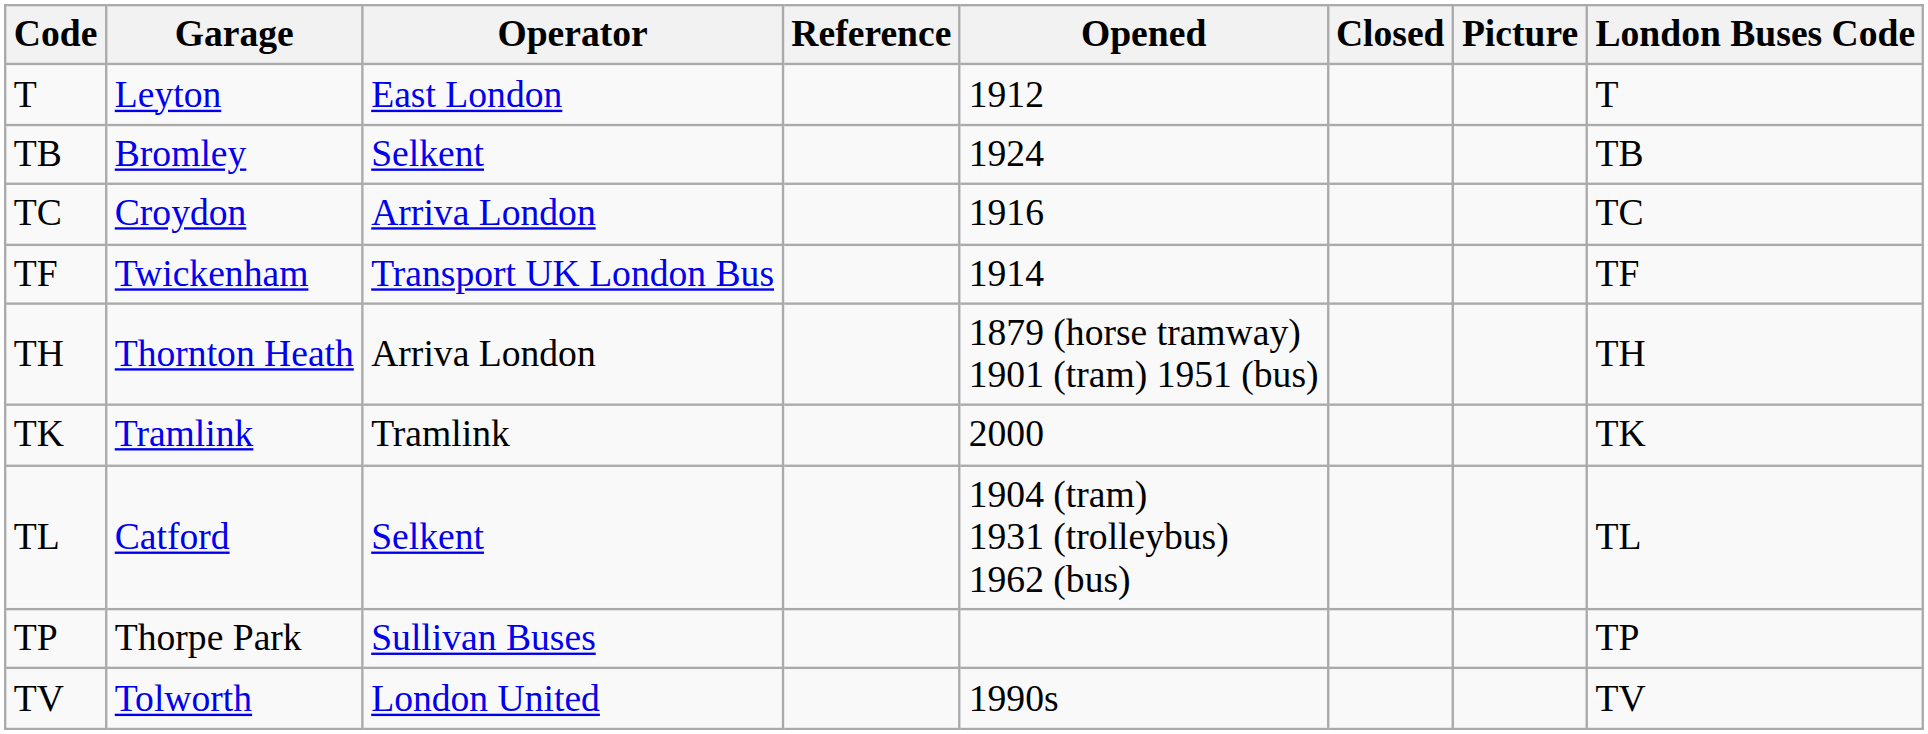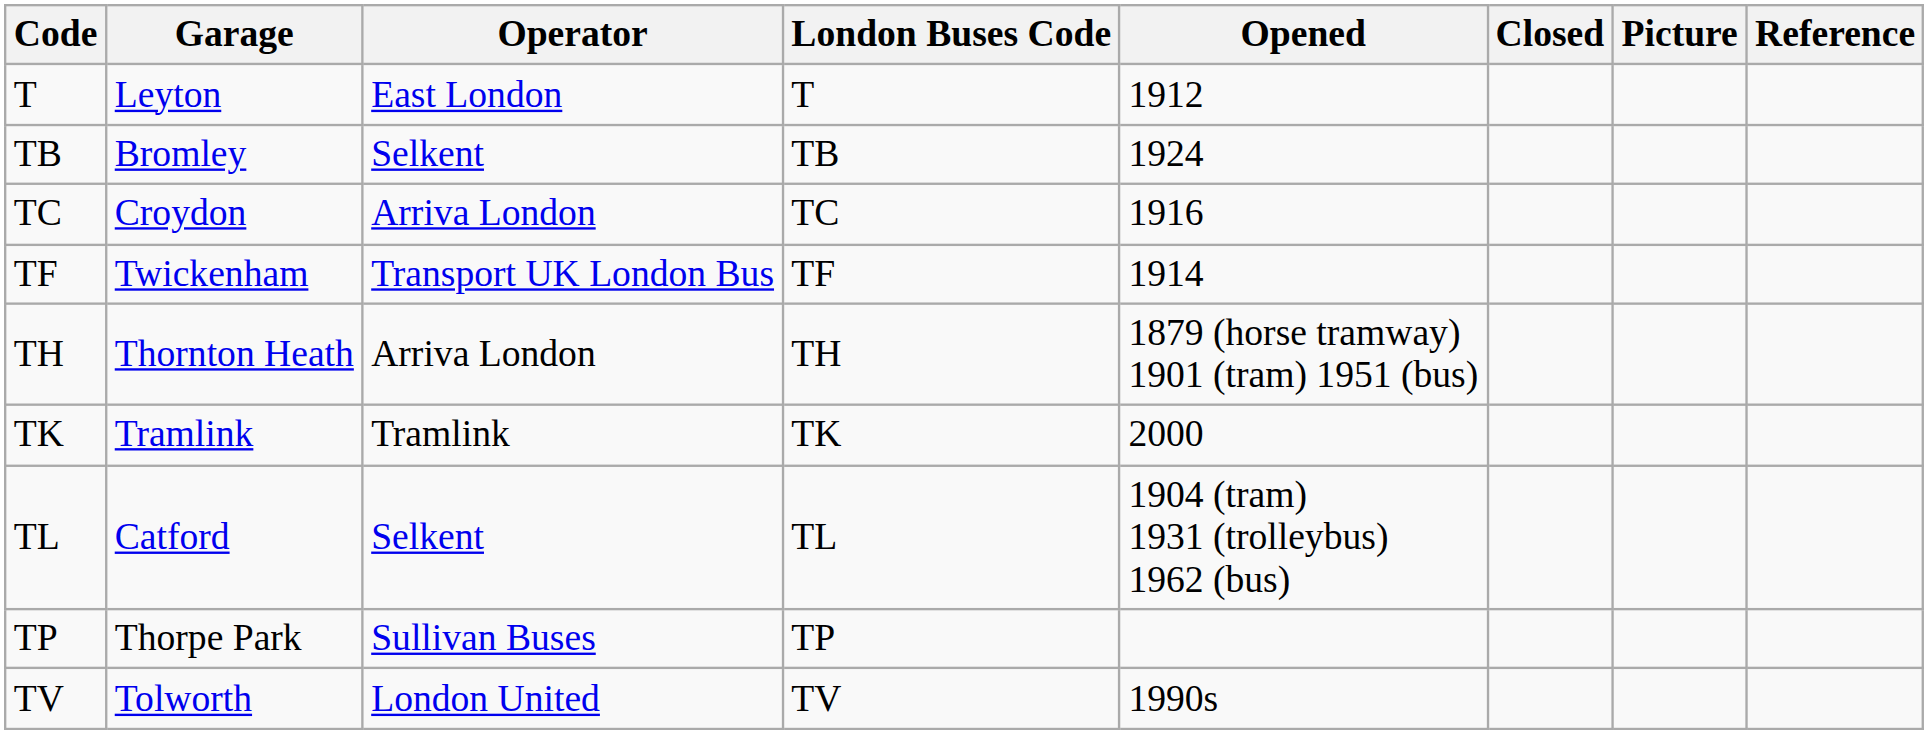 <table class="wikitable">
 <tr>
 <th>Code</th>
 <th>Garage</th>
 <th>Operator</th>
-<th>Reference</th>
+<th>London Buses Code</th>
 <th>Opened</th>
 <th>Closed</th>
 <th>Picture</th>
-<th>London Buses Code</th>
+<th>Reference</th>
 </tr>
 <tr>
 <td>T</td>
 <td><a href='#'>Leyton</a></td>
 <td><a href='#'>East London</a></td>
-<td></td>
+<td>T</td>
 <td>1912</td>
 <td></td>
 <td></td>
-<td>T</td>
+<td></td>
 </tr>
 <tr>
 <td>TB</td>
 <td><a href='#'>Bromley</a></td>
 <td><a href='#'>Selkent</a></td>
-<td></td>
+<td>TB</td>
 <td>1924</td>
 <td></td>
 <td></td>
-<td>TB</td>
+<td></td>
 </tr>
 <tr>
 <td>TC</td>
 <td><a href='#'>Croydon</a></td>
 <td><a href='#'>Arriva London</a></td>
-<td></td>
+<td>TC</td>
 <td>1916</td>
 <td></td>
 <td></td>
-<td>TC</td>
+<td></td>
 </tr>
 <tr>
 <td>TF</td>
 <td><a href='#'>Twickenham</a></td>
 <td><a href='#'>Transport UK London Bus</a></td>
-<td></td>
+<td>TF</td>
 <td>1914</td>
 <td></td>
 <td></td>
-<td>TF</td>
+<td></td>
 </tr>
 <tr>
 <td>TH</td>
 <td><a href='#'>Thornton Heath</a></td>
 <td>Arriva London</td>
-<td></td>
+<td>TH</td>
 <td>1879 (horse tramway)<br>1901 (tram) 1951 (bus)</td>
 <td></td>
 <td></td>
-<td>TH</td>
+<td></td>
 </tr>
 <tr>
 <td>TK</td>
 <td><a href='#'>Tramlink</a></td>
 <td>Tramlink</td>
-<td></td>
+<td>TK</td>
 <td>2000</td>
 <td></td>
 <td></td>
-<td>TK</td>
+<td></td>
 </tr>
 <tr>
 <td>TL</td>
 <td><a href='#'>Catford</a></td>
 <td><a href='#'>Selkent</a></td>
-<td></td>
+<td>TL</td>
 <td>1904 (tram)<br>1931 (trolleybus)<br>1962 (bus)</td>
 <td></td>
 <td></td>
-<td>TL</td>
+<td></td>
 </tr>
 <tr>
 <td>TP</td>
 <td>Thorpe Park</td>
 <td><a href='#'>Sullivan Buses</a></td>
+<td>TP</td>
 <td></td>
 <td></td>
 <td></td>
 <td></td>
-<td>TP</td>
 </tr>
 <tr>
 <td>TV</td>
 <td><a href='#'>Tolworth</a></td>
 <td><a href='#'>London United</a></td>
-<td></td>
+<td>TV</td>
 <td>1990s</td>
 <td></td>
 <td></td>
-<td>TV</td>
+<td></td>
 </tr>
 </table>
